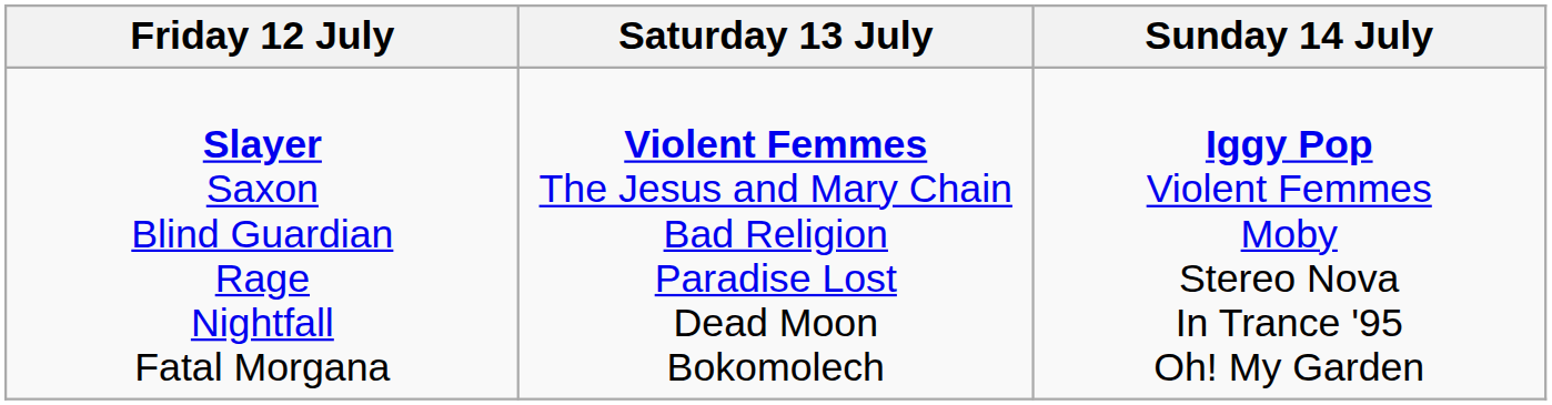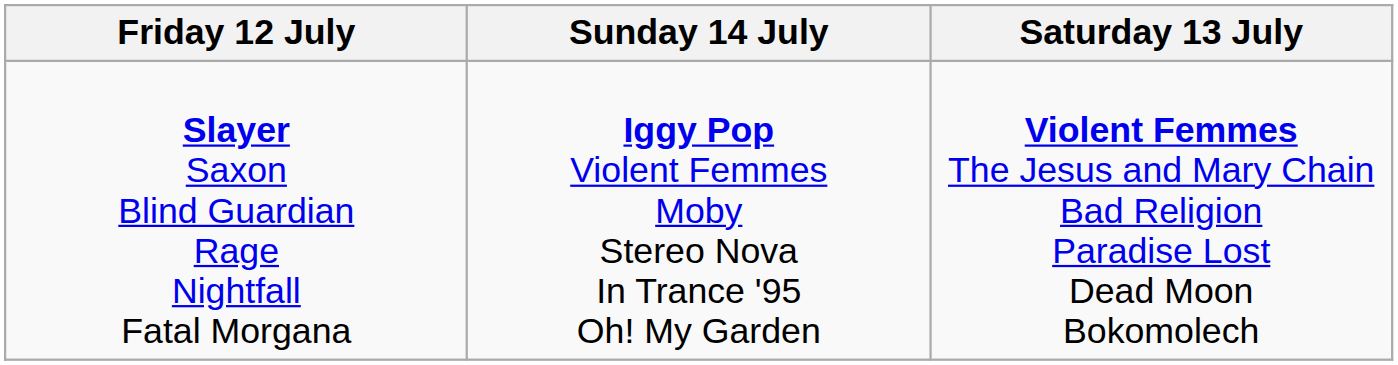 <table class="wikitable">
 <tr>
 <th>Friday 12 July</th>
+<th>Sunday 14 July</th>
 <th>Saturday 13 July</th>
-<th>Sunday 14 July</th>
 </tr>
 <tr>
 <td valign="top" align="center" width=200><br><strong><a href='#'>Slayer</a></strong> <br><a href='#'>Saxon</a> <br><a href='#'>Blind Guardian</a> <br><a href='#'>Rage</a> <br><a href='#'>Nightfall</a> <br>Fatal Morgana</td>
+<td valign="top" align="center" width=200><br><strong><a href='#'>Iggy Pop</a></strong> <br><a href='#'>Violent Femmes</a> <br><a href='#'>Moby</a> <br>Stereo Nova <br>In Trance '95 <br>Oh! My Garden</td>
 <td valign="top" align="center" width=200><br><strong><a href='#'>Violent Femmes</a></strong> <br><a href='#'>The Jesus and Mary Chain</a> <br><a href='#'>Bad Religion</a> <br><a href='#'>Paradise Lost</a> <br>Dead Moon <br>Bokomolech</td>
-<td valign="top" align="center" width=200><br><strong><a href='#'>Iggy Pop</a></strong> <br><a href='#'>Violent Femmes</a> <br><a href='#'>Moby</a> <br>Stereo Nova <br>In Trance '95 <br>Oh! My Garden</td>
 </tr>
 </table>
